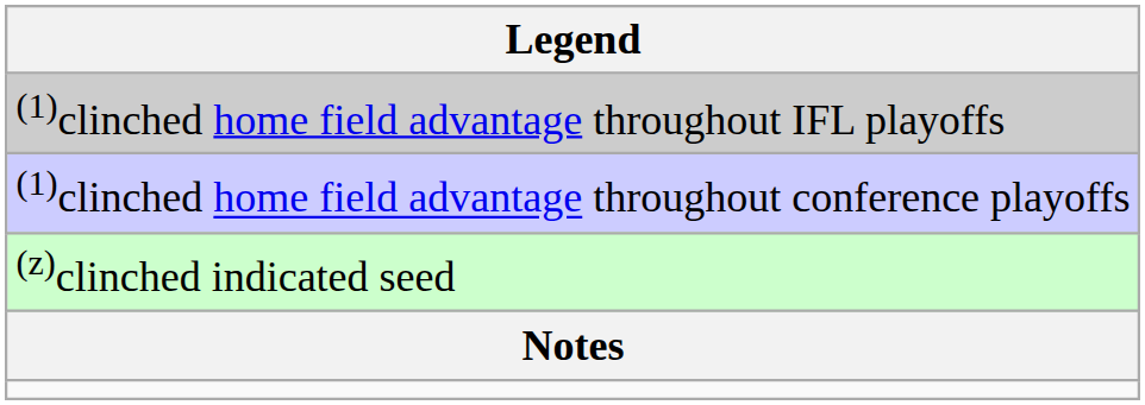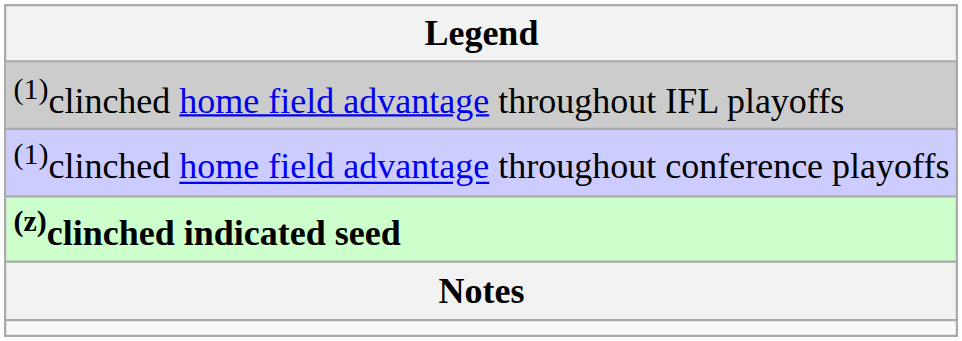 <table class="wikitable" style="text-align:center;">
 <tr style="background-color:#cccccc">
 <th><strong>Legend</strong></th>
 </tr>
 <tr style="background-color:#cccccc">
 <td style="text-align:left"><sup>(1)</sup>clinched <a href='#'>home field advantage</a> throughout IFL playoffs</td>
 </tr>
 <tr style="background-color:#ccccff">
 <td style="text-align:left"><sup>(1)</sup>clinched <a href='#'>home field advantage</a> throughout conference playoffs</td>
 </tr>
 <tr style="background-color:#ccffcc">
-<td style="text-align:left"><sup>(z)</sup>clinched indicated seed</td>
+<td style="text-align:left"><strong><sup>(z)</sup>clinched indicated seed</strong></td>
 </tr>
 <tr>
 <th>Notes</th>
 </tr>
 <tr>
 <td style="text-align:left"></td>
 </tr>
 </table>
